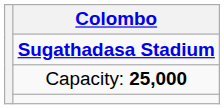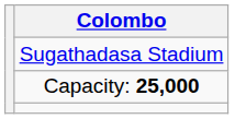 <table class="wikitable" style="text-align:center">
 <tr>
 <th rowspan=4></th>
 <th><a href='#'>Colombo</a></th>
 </tr>
 <tr>
-<td><strong><a href='#'>Sugathadasa Stadium</a></strong></td>
+<td><a href='#'>Sugathadasa Stadium</a></td>
 </tr>
 <tr>
 <td>Capacity: <strong>25,000</strong></td>
 </tr>
 <tr>
 <td></td>
 </tr>
 </table>
